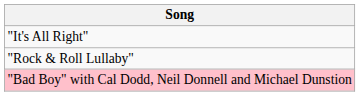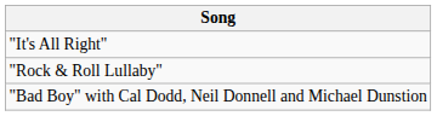 <table class="wikitable">
 <tr>
 <th>Song</th>
 </tr>
 <tr>
 <td>"It's All Right"</td>
 </tr>
 <tr>
 <td>"Rock & Roll Lullaby"</td>
 </tr>
 <tr>
-<td style="background: pink;">"Bad Boy" with Cal Dodd, Neil Donnell and Michael Dunstion</td>
+<td>"Bad Boy" with Cal Dodd, Neil Donnell and Michael Dunstion</td>
 </tr>
 </table>
